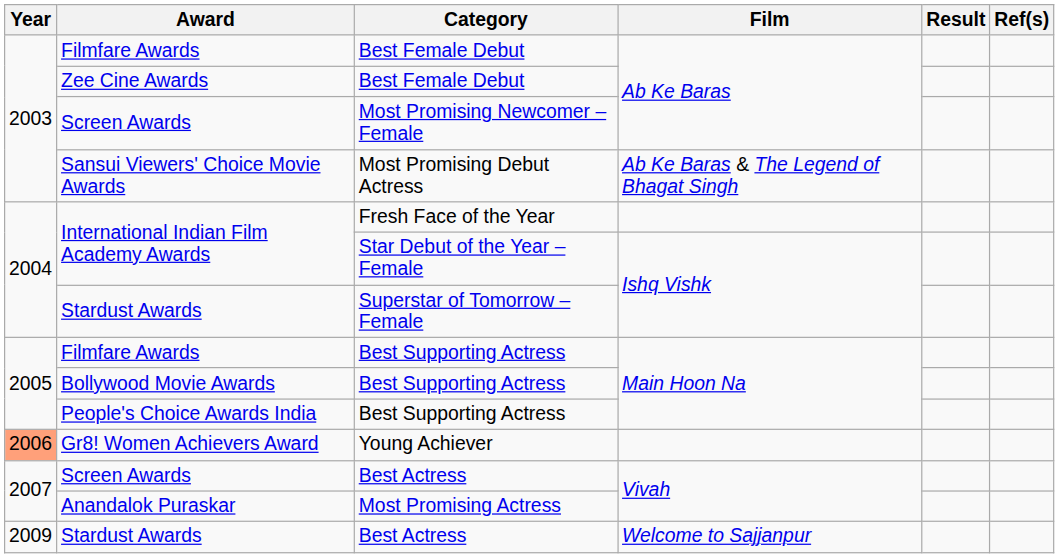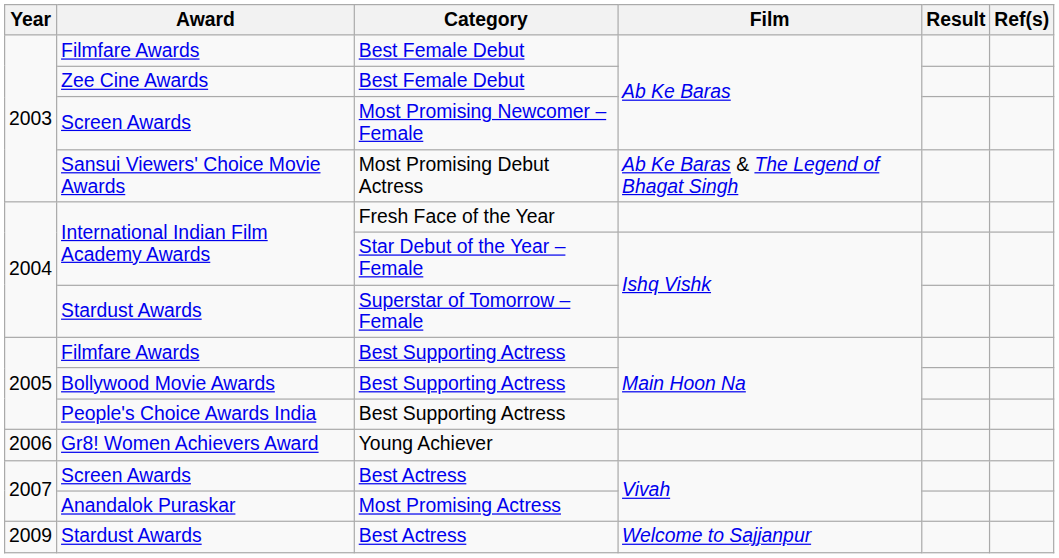 <table class="wikitable">
 <tr>
 <th>Year</th>
 <th>Award</th>
 <th>Category</th>
 <th>Film</th>
 <th>Result</th>
 <th>Ref(s)</th>
 </tr>
 <tr>
 <td rowspan="4">2003</td>
 <td><a href='#'>Filmfare Awards</a></td>
 <td><a href='#'>Best Female Debut</a></td>
 <td rowspan="3"><em><a href='#'>Ab Ke Baras</a></em></td>
 <td></td>
 <td style="text-align:center;"></td>
 </tr>
 <tr>
 <td><a href='#'>Zee Cine Awards</a></td>
 <td><a href='#'>Best Female Debut</a></td>
 <td></td>
 <td style="text-align:center;"></td>
 </tr>
 <tr>
 <td><a href='#'>Screen Awards</a></td>
 <td><a href='#'>Most Promising Newcomer – Female</a></td>
 <td></td>
 <td style="text-align:center;"></td>
 </tr>
 <tr>
 <td><a href='#'>Sansui Viewers' Choice Movie Awards</a></td>
 <td>Most Promising Debut Actress</td>
 <td><em><a href='#'>Ab Ke Baras</a></em> & <em><a href='#'>The Legend of Bhagat Singh</a></em></td>
 <td></td>
 <td style="text-align:center;"></td>
 </tr>
 <tr>
 <td rowspan="3">2004</td>
 <td rowspan="2"><a href='#'>International Indian Film Academy Awards</a></td>
 <td>Fresh Face of the Year</td>
 <td></td>
 <td></td>
 <td style="text-align:center;"></td>
 </tr>
 <tr>
 <td><a href='#'>Star Debut of the Year – Female</a></td>
 <td rowspan="2"><em><a href='#'>Ishq Vishk</a></em></td>
 <td></td>
 <td style="text-align:center;"></td>
 </tr>
 <tr>
 <td><a href='#'>Stardust Awards</a></td>
 <td><a href='#'>Superstar of Tomorrow – Female</a></td>
 <td></td>
 <td style="text-align:center;"></td>
 </tr>
 <tr>
 <td rowspan="3">2005</td>
 <td><a href='#'>Filmfare Awards</a></td>
 <td><a href='#'>Best Supporting Actress</a></td>
 <td rowspan="3"><em><a href='#'>Main Hoon Na</a></em></td>
 <td></td>
 <td style="text-align:center;"></td>
 </tr>
 <tr>
 <td><a href='#'>Bollywood Movie Awards</a></td>
 <td><a href='#'>Best Supporting Actress</a></td>
 <td></td>
 <td style="text-align:center;"></td>
 </tr>
 <tr>
 <td><a href='#'>People's Choice Awards India</a></td>
 <td>Best Supporting Actress</td>
 <td></td>
 <td style="text-align:center;"></td>
 </tr>
 <tr>
-<td style="background: lightsalmon;">2006</td>
+<td>2006</td>
 <td><a href='#'>Gr8! Women Achievers Award</a></td>
 <td>Young Achiever</td>
 <td></td>
 <td></td>
 <td style="text-align:center;"></td>
 </tr>
 <tr>
 <td rowspan="2">2007</td>
 <td><a href='#'>Screen Awards</a></td>
 <td><a href='#'>Best Actress</a></td>
 <td rowspan="2"><em><a href='#'>Vivah</a></em></td>
 <td></td>
 <td style="text-align:center;"></td>
 </tr>
 <tr>
 <td><a href='#'>Anandalok Puraskar</a></td>
 <td><a href='#'>Most Promising Actress</a></td>
 <td></td>
 <td style="text-align:center;"></td>
 </tr>
 <tr>
 <td>2009</td>
 <td><a href='#'>Stardust Awards</a></td>
 <td><a href='#'>Best Actress</a></td>
 <td><em><a href='#'>Welcome to Sajjanpur</a></em></td>
 <td></td>
 <td style="text-align:center;"></td>
 </tr>
 </table>
